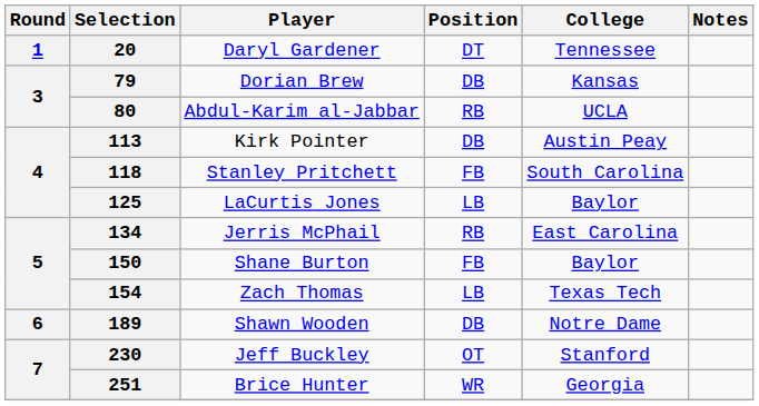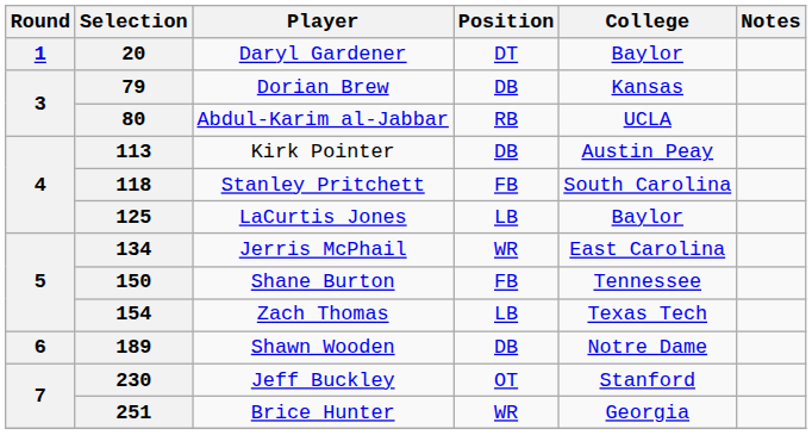 <table class="wikitable" style="text-align:center">
 <tr>
 <th>Round</th>
 <th>Selection</th>
 <th>Player</th>
 <th>Position</th>
 <th>College</th>
 <th>Notes</th>
 </tr>
 <tr>
 <th><a href='#'>1</a></th>
 <th>20</th>
 <td><a href='#'>Daryl Gardener</a></td>
 <td><a href='#'>DT</a></td>
-<td><a href='#'>Tennessee</a></td>
+<td><a href='#'>Baylor</a></td>
 <td></td>
 </tr>
 <tr>
 <th rowspan="2">3</th>
 <th>79</th>
 <td><a href='#'>Dorian Brew</a></td>
 <td><a href='#'>DB</a></td>
 <td><a href='#'>Kansas</a></td>
 <td></td>
 </tr>
 <tr>
 <th>80</th>
 <td><a href='#'>Abdul-Karim al-Jabbar</a></td>
 <td><a href='#'>RB</a></td>
 <td><a href='#'>UCLA</a></td>
 </tr>
 <tr>
 <th rowspan="3">4</th>
 <th>113</th>
 <td>Kirk Pointer</td>
 <td><a href='#'>DB</a></td>
 <td><a href='#'>Austin Peay</a></td>
 <td></td>
 </tr>
 <tr>
 <th>118</th>
 <td><a href='#'>Stanley Pritchett</a></td>
 <td><a href='#'>FB</a></td>
 <td><a href='#'>South Carolina</a></td>
 <td></td>
 </tr>
 <tr>
 <th>125</th>
 <td><a href='#'>LaCurtis Jones</a></td>
 <td><a href='#'>LB</a></td>
 <td><a href='#'>Baylor</a></td>
 </tr>
 <tr>
 <th rowspan="3">5</th>
 <th>134</th>
 <td><a href='#'>Jerris McPhail</a></td>
-<td><a href='#'>RB</a></td>
+<td><a href='#'>WR</a></td>
 <td><a href='#'>East Carolina</a></td>
 <td></td>
 </tr>
 <tr>
 <th>150</th>
 <td><a href='#'>Shane Burton</a></td>
 <td><a href='#'>FB</a></td>
-<td><a href='#'>Baylor</a></td>
+<td><a href='#'>Tennessee</a></td>
 <td></td>
 </tr>
 <tr>
 <th>154</th>
 <td><a href='#'>Zach Thomas</a></td>
 <td><a href='#'>LB</a></td>
 <td><a href='#'>Texas Tech</a></td>
 <td></td>
 </tr>
 <tr>
 <th>6</th>
 <th>189</th>
 <td><a href='#'>Shawn Wooden</a></td>
 <td><a href='#'>DB</a></td>
 <td><a href='#'>Notre Dame</a></td>
 <td></td>
 </tr>
 <tr>
 <th rowspan="2">7</th>
 <th>230</th>
 <td><a href='#'>Jeff Buckley</a></td>
 <td><a href='#'>OT</a></td>
 <td><a href='#'>Stanford</a></td>
 <td></td>
 </tr>
 <tr>
 <th>251</th>
 <td><a href='#'>Brice Hunter</a></td>
 <td><a href='#'>WR</a></td>
 <td><a href='#'>Georgia</a></td>
 <td></td>
 </tr>
 <tr>
 </tr>
 </table>
